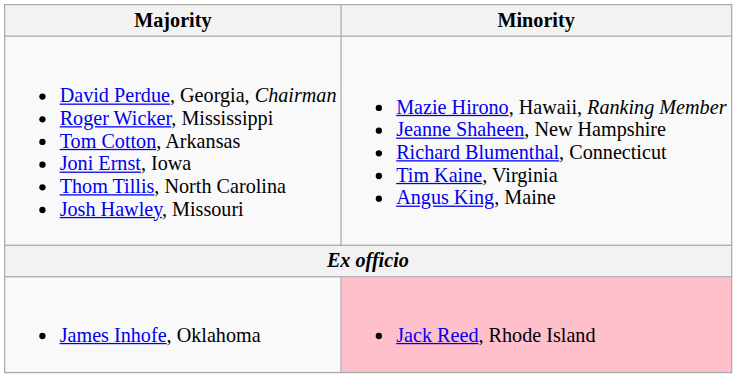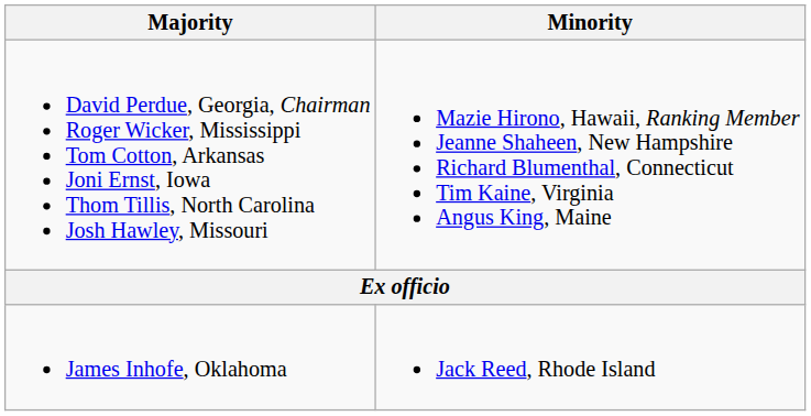 <table class=wikitable>
 <tr>
 <th>Majority</th>
 <th>Minority</th>
 </tr>
 <tr>
 <td><br><ul><li><a href='#'>David Perdue</a>, Georgia, <em>Chairman</em></li><li><a href='#'>Roger Wicker</a>, Mississippi</li><li><a href='#'>Tom Cotton</a>, Arkansas</li><li><a href='#'>Joni Ernst</a>, Iowa</li><li><a href='#'>Thom Tillis</a>, North Carolina</li><li><a href='#'>Josh Hawley</a>, Missouri</li></ul></td>
 <td><br><ul><li><a href='#'>Mazie Hirono</a>, Hawaii, <em>Ranking Member</em></li><li><a href='#'>Jeanne Shaheen</a>, New Hampshire</li><li><a href='#'>Richard Blumenthal</a>, Connecticut</li><li><a href='#'>Tim Kaine</a>, Virginia</li><li><span><a href='#'>Angus King</a>, Maine</span></li></ul></td>
 </tr>
 <tr>
 <th colspan=2><em>Ex officio</em></th>
 </tr>
 <tr>
 <td><br><ul><li><a href='#'>James Inhofe</a>, Oklahoma</li></ul></td>
-<td style="background: pink;"><br><ul><li><a href='#'>Jack Reed</a>, Rhode Island</li></ul></td>
+<td><br><ul><li><a href='#'>Jack Reed</a>, Rhode Island</li></ul></td>
 </tr>
 </table>
